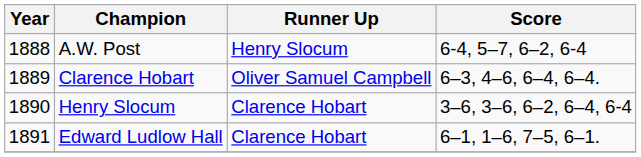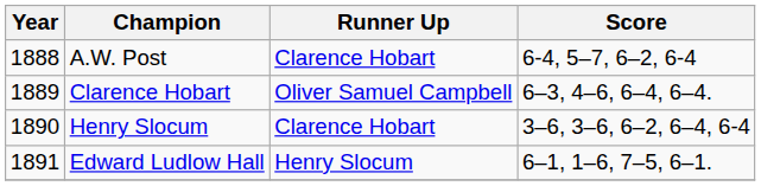 <table class="wikitable sortable">
 <tr>
 <th>Year</th>
 <th>Champion</th>
 <th>Runner Up</th>
 <th>Score</th>
 </tr>
 <tr>
 <td>1888</td>
 <td> A.W. Post</td>
-<td> <a href='#'>Henry Slocum</a></td>
+<td> <a href='#'>Clarence Hobart</a></td>
 <td>6-4, 5–7, 6–2, 6-4</td>
 </tr>
 <tr>
 <td>1889</td>
 <td> <a href='#'>Clarence Hobart</a></td>
 <td> <a href='#'>Oliver Samuel Campbell</a></td>
 <td>6–3, 4–6, 6–4, 6–4.</td>
 </tr>
 <tr>
 <td>1890</td>
 <td> <a href='#'>Henry Slocum</a></td>
 <td> <a href='#'>Clarence Hobart</a></td>
 <td>3–6, 3–6, 6–2, 6–4, 6-4</td>
 </tr>
 <tr>
 <td>1891</td>
 <td> <a href='#'>Edward Ludlow Hall</a></td>
-<td> <a href='#'>Clarence Hobart</a></td>
+<td> <a href='#'>Henry Slocum</a></td>
 <td>6–1, 1–6, 7–5, 6–1.</td>
 </tr>
 <tr>
 </tr>
 </table>
